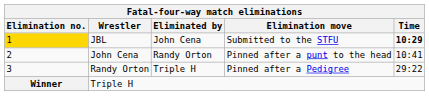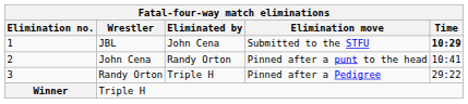 <table class="wikitable" border="1">
 <tr>
 <th colspan="6">Fatal-four-way match eliminations</th>
 </tr>
 <tr>
 <th>Elimination no.</th>
 <th>Wrestler</th>
 <th>Eliminated by</th>
 <th>Elimination move</th>
 <th>Time</th>
 </tr>
 <tr>
-<td style="background: gold;">1</td>
+<td>1</td>
 <td>JBL</td>
 <td>John Cena</td>
 <td>Submitted to the <a href='#'>STFU</a></td>
 <td><strong>10:29</strong></td>
 </tr>
 <tr>
 <td>2</td>
 <td>John Cena</td>
 <td>Randy Orton</td>
 <td>Pinned after a <a href='#'>punt</a> to the head</td>
 <td>10:41</td>
 </tr>
 <tr>
 <td>3</td>
 <td>Randy Orton</td>
 <td>Triple H</td>
 <td>Pinned after a <a href='#'>Pedigree</a></td>
 <td>29:22</td>
 </tr>
 <tr>
 <th>Winner</th>
 <td colspan="4">Triple H</td>
 </tr>
 </table>
